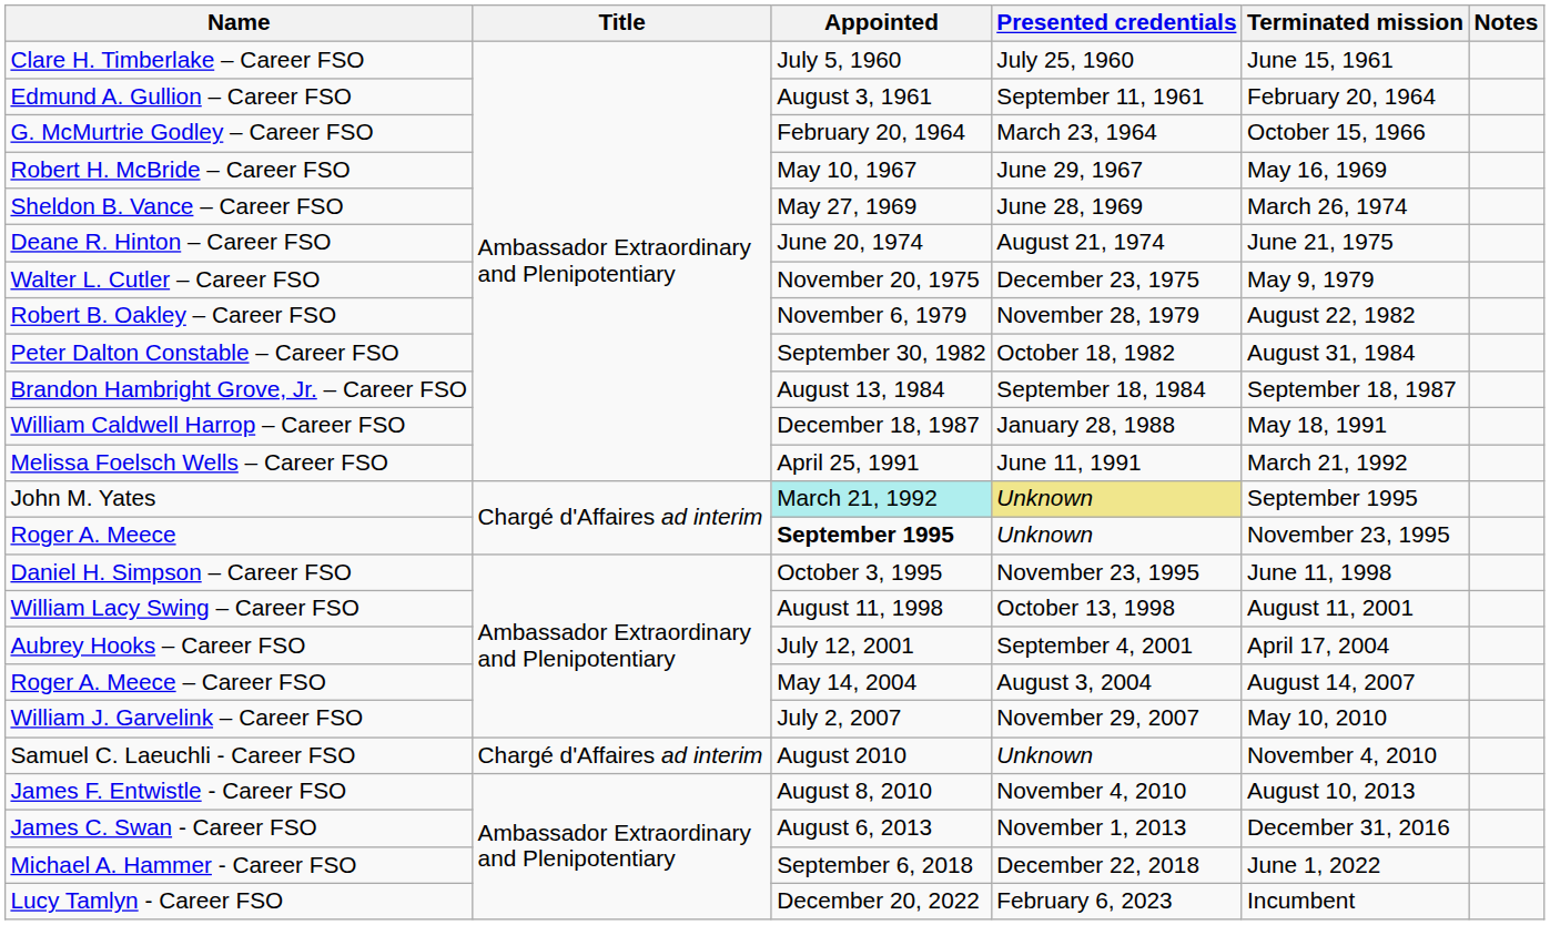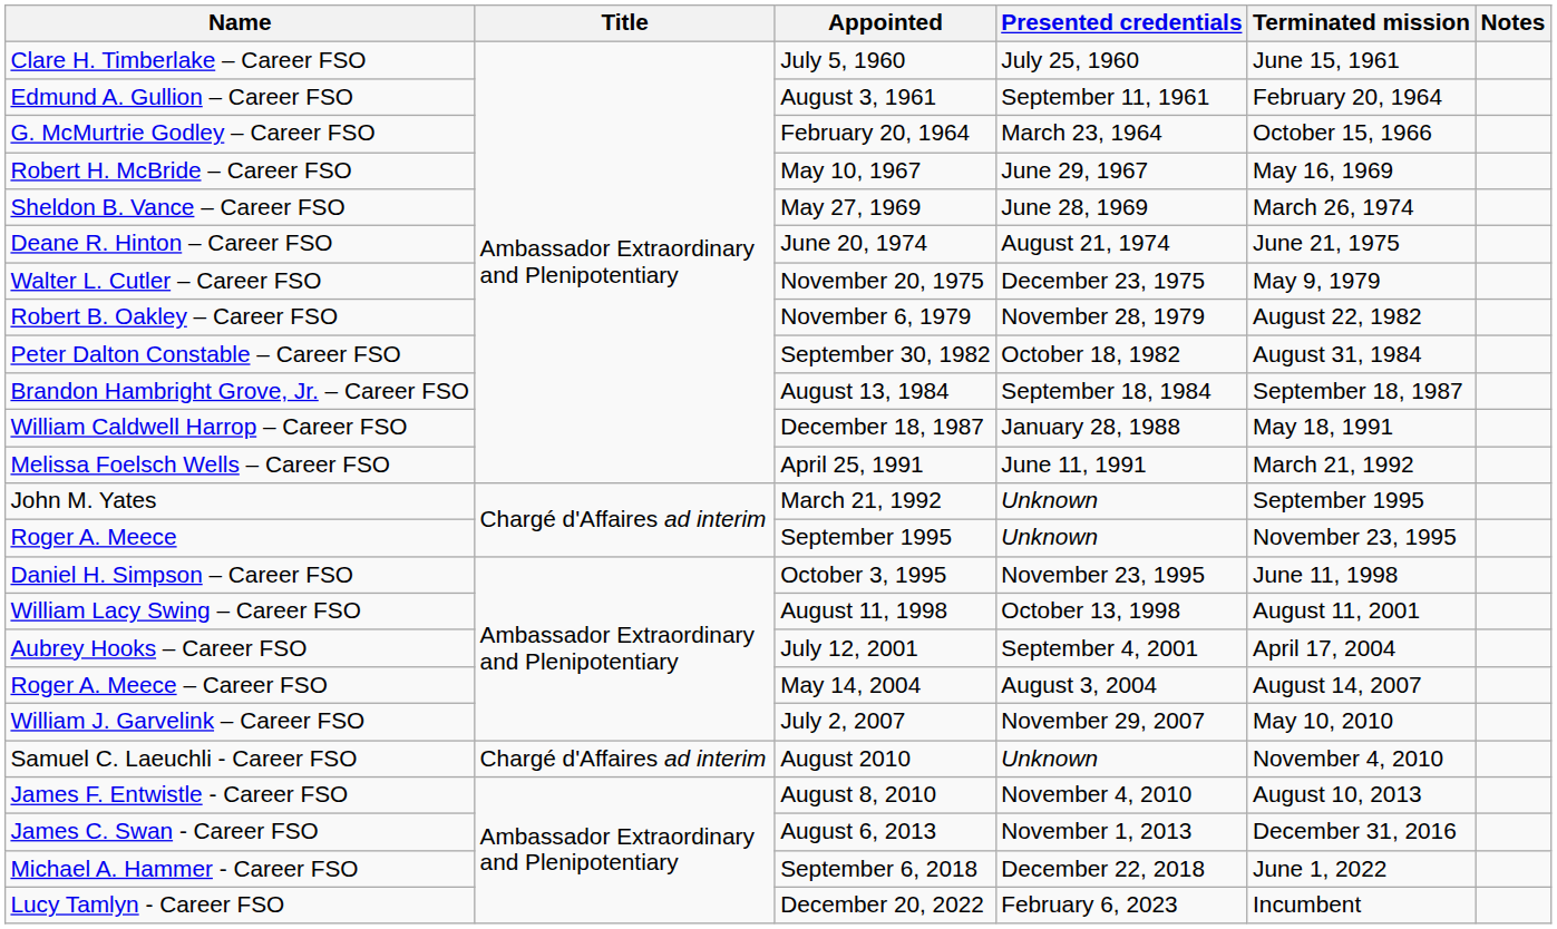 <table class="wikitable">
 <tr>
 <th>Name</th>
 <th style="width: 200px;">Title</th>
 <th>Appointed</th>
 <th><a href='#'>Presented credentials</a></th>
 <th>Terminated mission</th>
 <th>Notes</th>
 </tr>
 <tr>
 <td><a href='#'>Clare H. Timberlake</a> – Career FSO</td>
 <td rowspan="12">Ambassador Extraordinary and Plenipotentiary</td>
 <td>July 5, 1960</td>
 <td>July 25, 1960</td>
 <td>June 15, 1961</td>
 <td></td>
 </tr>
 <tr>
 <td><a href='#'>Edmund A. Gullion</a> – Career FSO</td>
 <td>August 3, 1961</td>
 <td>September 11, 1961</td>
 <td>February 20, 1964</td>
 <td></td>
 </tr>
 <tr>
 <td><a href='#'>G. McMurtrie Godley</a> – Career FSO</td>
 <td>February 20, 1964</td>
 <td>March 23, 1964</td>
 <td>October 15, 1966</td>
 <td></td>
 </tr>
 <tr>
 <td><a href='#'>Robert H. McBride</a> – Career FSO</td>
 <td>May 10, 1967</td>
 <td>June 29, 1967</td>
 <td>May 16, 1969</td>
 <td></td>
 </tr>
 <tr>
 <td><a href='#'>Sheldon B. Vance</a> – Career FSO</td>
 <td>May 27, 1969</td>
 <td>June 28, 1969</td>
 <td>March 26, 1974</td>
 <td></td>
 </tr>
 <tr>
 <td><a href='#'>Deane R. Hinton</a> – Career FSO</td>
 <td>June 20, 1974</td>
 <td>August 21, 1974</td>
 <td>June 21, 1975</td>
 <td></td>
 </tr>
 <tr>
 <td><a href='#'>Walter L. Cutler</a> – Career FSO</td>
 <td>November 20, 1975</td>
 <td>December 23, 1975</td>
 <td>May 9, 1979</td>
 <td></td>
 </tr>
 <tr>
 <td><a href='#'>Robert B. Oakley</a> – Career FSO</td>
 <td>November 6, 1979</td>
 <td>November 28, 1979</td>
 <td>August 22, 1982</td>
 <td></td>
 </tr>
 <tr>
 <td><a href='#'>Peter Dalton Constable</a> – Career FSO</td>
 <td>September 30, 1982</td>
 <td>October 18, 1982</td>
 <td>August 31, 1984</td>
 <td></td>
 </tr>
 <tr>
 <td><a href='#'>Brandon Hambright Grove, Jr.</a> – Career FSO</td>
 <td>August 13, 1984</td>
 <td>September 18, 1984</td>
 <td>September 18, 1987</td>
 <td></td>
 </tr>
 <tr>
 <td><a href='#'>William Caldwell Harrop</a> – Career FSO</td>
 <td>December 18, 1987</td>
 <td>January 28, 1988</td>
 <td>May 18, 1991</td>
 <td></td>
 </tr>
 <tr>
 <td><a href='#'>Melissa Foelsch Wells</a> – Career FSO</td>
 <td>April 25, 1991</td>
 <td>June 11, 1991</td>
 <td>March 21, 1992</td>
 <td></td>
 </tr>
 <tr>
 <td>John M. Yates</td>
 <td rowspan="2">Chargé d'Affaires <em>ad interim</em></td>
-<td style="background: paleturquoise;">March 21, 1992</td>
-<td style="background: khaki;"><em>Unknown</em></td>
+<td>March 21, 1992</td>
+<td><em>Unknown</em></td>
 <td>September 1995</td>
 <td></td>
 </tr>
 <tr>
 <td><a href='#'>Roger A. Meece</a></td>
-<td><strong>September 1995</strong></td>
+<td>September 1995</td>
 <td><em>Unknown</em></td>
 <td>November 23, 1995</td>
 <td></td>
 </tr>
 <tr>
 <td><a href='#'>Daniel H. Simpson</a> – Career FSO</td>
 <td rowspan="5">Ambassador Extraordinary and Plenipotentiary</td>
 <td>October 3, 1995</td>
 <td>November 23, 1995</td>
 <td>June 11, 1998</td>
 <td></td>
 </tr>
 <tr>
 <td><a href='#'>William Lacy Swing</a> – Career FSO</td>
 <td>August 11, 1998</td>
 <td>October 13, 1998</td>
 <td>August 11, 2001</td>
 <td></td>
 </tr>
 <tr>
 <td><a href='#'>Aubrey Hooks</a> – Career FSO</td>
 <td>July 12, 2001</td>
 <td>September 4, 2001</td>
 <td>April 17, 2004</td>
 <td></td>
 </tr>
 <tr>
 <td><a href='#'>Roger A. Meece</a> – Career FSO</td>
 <td>May 14, 2004</td>
 <td>August 3, 2004</td>
 <td>August 14, 2007</td>
 <td></td>
 </tr>
 <tr>
 <td><a href='#'>William J. Garvelink</a> – Career FSO</td>
 <td>July 2, 2007</td>
 <td>November 29, 2007</td>
 <td>May 10, 2010</td>
 <td></td>
 </tr>
 <tr>
 <td>Samuel C. Laeuchli - Career FSO</td>
 <td>Chargé d'Affaires <em>ad interim</em></td>
 <td>August 2010</td>
 <td><em>Unknown</em></td>
 <td>November 4, 2010</td>
 <td></td>
 </tr>
 <tr>
 <td><a href='#'>James F. Entwistle</a> - Career FSO</td>
 <td rowspan="4">Ambassador Extraordinary and Plenipotentiary</td>
 <td>August 8, 2010</td>
 <td>November 4, 2010</td>
 <td>August 10, 2013</td>
 <td></td>
 </tr>
 <tr>
 <td><a href='#'>James C. Swan</a> - Career FSO</td>
 <td>August 6, 2013</td>
 <td>November 1, 2013</td>
 <td>December 31, 2016</td>
 <td></td>
 </tr>
 <tr>
 <td><a href='#'>Michael A. Hammer</a> - Career FSO</td>
 <td>September 6, 2018</td>
 <td>December 22, 2018</td>
 <td>June 1, 2022</td>
 <td></td>
 </tr>
 <tr>
 <td><a href='#'>Lucy Tamlyn</a> - Career FSO</td>
 <td>December 20, 2022</td>
 <td>February 6, 2023</td>
 <td>Incumbent</td>
 <td></td>
 </tr>
 </table>
